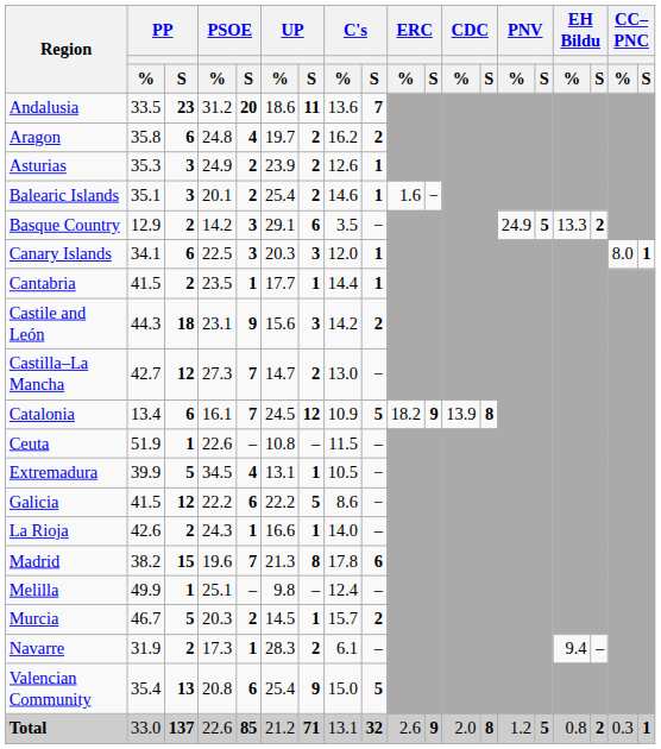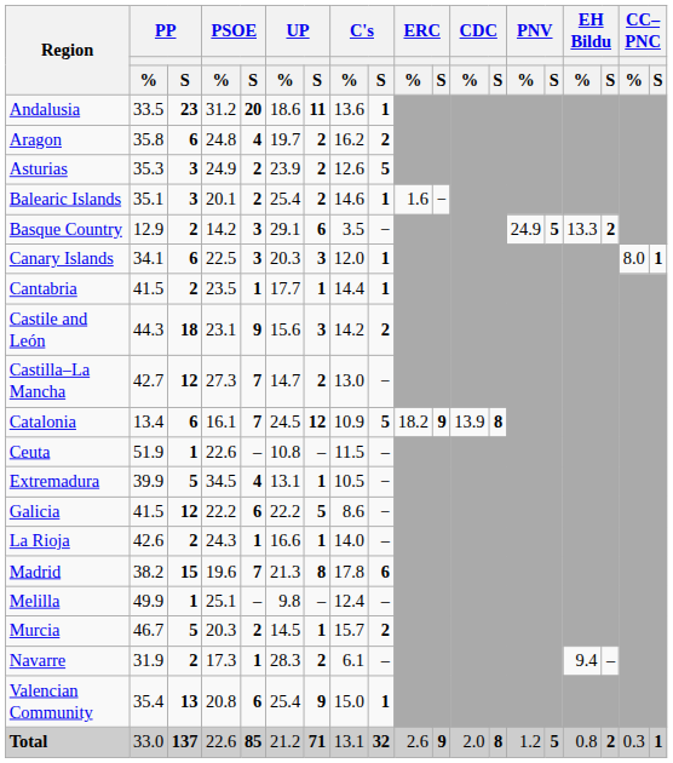 <table class="wikitable sortable" style="text-align:right; line-height:20px;">
 <tr>
 <th rowspan="3">Region</th>
 <th colspan="2" width="30px" class="unsortable"><a href='#'>PP</a></th>
 <th colspan="2" width="30px" class="unsortable"><a href='#'>PSOE</a></th>
 <th colspan="2" width="30px" class="unsortable"><a href='#'>UP</a></th>
 <th colspan="2" width="30px" class="unsortable"><a href='#'>C's</a></th>
 <th colspan="2" width="30px" class="unsortable"><a href='#'>ERC</a></th>
 <th colspan="2" width="30px" class="unsortable"><a href='#'>CDC</a></th>
 <th colspan="2" width="30px" class="unsortable"><a href='#'>PNV</a></th>
 <th colspan="2" width="30px" class="unsortable"><a href='#'>EH Bildu</a></th>
 <th colspan="2" width="30px" class="unsortable"><a href='#'>CC–PNC</a></th>
 </tr>
 <tr>
 <th colspan="2" style="background:"></th>
 <th colspan="2" style="background:"></th>
 <th colspan="2" style="background:"></th>
 <th colspan="2" style="background:"></th>
 <th colspan="2" style="background:"></th>
 <th colspan="2" style="background:"></th>
 <th colspan="2" style="background:"></th>
 <th colspan="2" style="background:"></th>
 <th colspan="2" style="background:"></th>
 </tr>
 <tr>
 <th data-sort-type="number">%</th>
 <th data-sort-type="number">S</th>
 <th data-sort-type="number">%</th>
 <th data-sort-type="number">S</th>
 <th data-sort-type="number">%</th>
 <th data-sort-type="number">S</th>
 <th data-sort-type="number">%</th>
 <th data-sort-type="number">S</th>
 <th data-sort-type="number">%</th>
 <th data-sort-type="number">S</th>
 <th data-sort-type="number">%</th>
 <th data-sort-type="number">S</th>
 <th data-sort-type="number">%</th>
 <th data-sort-type="number">S</th>
 <th data-sort-type="number">%</th>
 <th data-sort-type="number">S</th>
 <th data-sort-type="number">%</th>
 <th data-sort-type="number">S</th>
 </tr>
 <tr>
 <td align="left"><a href='#'>Andalusia</a></td>
 <td style="background:">33.5</td>
 <td><strong>23</strong></td>
 <td>31.2</td>
 <td><strong>20</strong></td>
 <td>18.6</td>
 <td><strong>11</strong></td>
 <td>13.6</td>
-<td><strong>7</strong></td>
+<td><strong>1</strong></td>
 <td colspan="2" rowspan="3" bgcolor="#AAAAAA"></td>
 <td colspan="2" rowspan="9" bgcolor="#AAAAAA"></td>
 <td colspan="2" rowspan="4" bgcolor="#AAAAAA"></td>
 <td colspan="2" rowspan="4" bgcolor="#AAAAAA"></td>
 <td colspan="2" rowspan="5" bgcolor="#AAAAAA"></td>
 </tr>
 <tr>
 <td align="left"><a href='#'>Aragon</a></td>
 <td style="background:">35.8</td>
 <td><strong>6</strong></td>
 <td>24.8</td>
 <td><strong>4</strong></td>
 <td>19.7</td>
 <td><strong>2</strong></td>
 <td>16.2</td>
 <td><strong>2</strong></td>
 </tr>
 <tr>
 <td align="left"><a href='#'>Asturias</a></td>
 <td style="background:">35.3</td>
 <td><strong>3</strong></td>
 <td>24.9</td>
 <td><strong>2</strong></td>
 <td>23.9</td>
 <td><strong>2</strong></td>
 <td>12.6</td>
-<td><strong>1</strong></td>
+<td><strong>5</strong></td>
 </tr>
 <tr>
 <td align="left"><a href='#'>Balearic Islands</a></td>
 <td style="background:">35.1</td>
 <td><strong>3</strong></td>
 <td>20.1</td>
 <td><strong>2</strong></td>
 <td>25.4</td>
 <td><strong>2</strong></td>
 <td>14.6</td>
 <td><strong>1</strong></td>
 <td>1.6</td>
 <td>−</td>
 </tr>
 <tr>
 <td align="left"><a href='#'>Basque Country</a></td>
 <td>12.9</td>
 <td><strong>2</strong></td>
 <td>14.2</td>
 <td><strong>3</strong></td>
 <td style="background:">29.1</td>
 <td><strong>6</strong></td>
 <td>3.5</td>
 <td>−</td>
 <td colspan="2" rowspan="5" bgcolor="#AAAAAA"></td>
 <td>24.9</td>
 <td><strong>5</strong></td>
 <td>13.3</td>
 <td><strong>2</strong></td>
 </tr>
 <tr>
 <td align="left"><a href='#'>Canary Islands</a></td>
 <td style="background:">34.1</td>
 <td><strong>6</strong></td>
 <td>22.5</td>
 <td><strong>3</strong></td>
 <td>20.3</td>
 <td><strong>3</strong></td>
 <td>12.0</td>
 <td><strong>1</strong></td>
 <td colspan="2" rowspan="14" bgcolor="#AAAAAA"></td>
 <td colspan="2" rowspan="12" bgcolor="#AAAAAA"></td>
 <td>8.0</td>
 <td><strong>1</strong></td>
 </tr>
 <tr>
 <td align="left"><a href='#'>Cantabria</a></td>
 <td style="background:">41.5</td>
 <td><strong>2</strong></td>
 <td>23.5</td>
 <td><strong>1</strong></td>
 <td>17.7</td>
 <td><strong>1</strong></td>
 <td>14.4</td>
 <td><strong>1</strong></td>
 <td colspan="2" rowspan="13" bgcolor="#AAAAAA"></td>
 </tr>
 <tr>
 <td align="left"><a href='#'>Castile and León</a></td>
 <td style="background:">44.3</td>
 <td><strong>18</strong></td>
 <td>23.1</td>
 <td><strong>9</strong></td>
 <td>15.6</td>
 <td><strong>3</strong></td>
 <td>14.2</td>
 <td><strong>2</strong></td>
 </tr>
 <tr>
 <td align="left"><a href='#'>Castilla–La Mancha</a></td>
 <td style="background:">42.7</td>
 <td><strong>12</strong></td>
 <td>27.3</td>
 <td><strong>7</strong></td>
 <td>14.7</td>
 <td><strong>2</strong></td>
 <td>13.0</td>
 <td>−</td>
 </tr>
 <tr>
 <td align="left"><a href='#'>Catalonia</a></td>
 <td>13.4</td>
 <td><strong>6</strong></td>
 <td>16.1</td>
 <td><strong>7</strong></td>
 <td style="background:">24.5</td>
 <td><strong>12</strong></td>
 <td>10.9</td>
 <td><strong>5</strong></td>
 <td>18.2</td>
 <td><strong>9</strong></td>
 <td>13.9</td>
 <td><strong>8</strong></td>
 </tr>
 <tr>
 <td align="left"><a href='#'>Ceuta</a></td>
 <td style="background:">51.9</td>
 <td><strong>1</strong></td>
 <td>22.6</td>
 <td>–</td>
 <td>10.8</td>
 <td>–</td>
 <td>11.5</td>
 <td>–</td>
 <td colspan="2" rowspan="9" bgcolor="#AAAAAA"></td>
 <td colspan="2" rowspan="9" bgcolor="#AAAAAA"></td>
 </tr>
 <tr>
 <td align="left"><a href='#'>Extremadura</a></td>
 <td style="background:">39.9</td>
 <td><strong>5</strong></td>
 <td>34.5</td>
 <td><strong>4</strong></td>
 <td>13.1</td>
 <td><strong>1</strong></td>
 <td>10.5</td>
 <td>−</td>
 </tr>
 <tr>
 <td align="left"><a href='#'>Galicia</a></td>
 <td style="background:">41.5</td>
 <td><strong>12</strong></td>
 <td>22.2</td>
 <td><strong>6</strong></td>
 <td>22.2</td>
 <td><strong>5</strong></td>
 <td>8.6</td>
 <td>−</td>
 </tr>
 <tr>
 <td align="left"><a href='#'>La Rioja</a></td>
 <td style="background:">42.6</td>
 <td><strong>2</strong></td>
 <td>24.3</td>
 <td><strong>1</strong></td>
 <td>16.6</td>
 <td><strong>1</strong></td>
 <td>14.0</td>
 <td>–</td>
 </tr>
 <tr>
 <td align="left"><a href='#'>Madrid</a></td>
 <td style="background:">38.2</td>
 <td><strong>15</strong></td>
 <td>19.6</td>
 <td><strong>7</strong></td>
 <td>21.3</td>
 <td><strong>8</strong></td>
 <td>17.8</td>
 <td><strong>6</strong></td>
 </tr>
 <tr>
 <td align="left"><a href='#'>Melilla</a></td>
 <td style="background:">49.9</td>
 <td><strong>1</strong></td>
 <td>25.1</td>
 <td>–</td>
 <td>9.8</td>
 <td>–</td>
 <td>12.4</td>
 <td>–</td>
 </tr>
 <tr>
 <td align="left"><a href='#'>Murcia</a></td>
 <td style="background:">46.7</td>
 <td><strong>5</strong></td>
 <td>20.3</td>
 <td><strong>2</strong></td>
 <td>14.5</td>
 <td><strong>1</strong></td>
 <td>15.7</td>
 <td><strong>2</strong></td>
 </tr>
 <tr>
 <td align="left"><a href='#'>Navarre</a></td>
 <td style="background:">31.9</td>
 <td><strong>2</strong></td>
 <td>17.3</td>
 <td><strong>1</strong></td>
 <td>28.3</td>
 <td><strong>2</strong></td>
 <td>6.1</td>
 <td>–</td>
 <td>9.4</td>
 <td>–</td>
 </tr>
 <tr>
 <td align="left"><a href='#'>Valencian Community</a></td>
 <td style="background:">35.4</td>
 <td><strong>13</strong></td>
 <td>20.8</td>
 <td><strong>6</strong></td>
 <td>25.4</td>
 <td><strong>9</strong></td>
 <td>15.0</td>
-<td><strong>5</strong></td>
+<td><strong>1</strong></td>
 <td colspan="2" bgcolor="#AAAAAA"></td>
 </tr>
 <tr style="background:#CDCDCD;">
 <td align="left"><strong>Total</strong></td>
 <td style="background:">33.0</td>
 <td><strong>137</strong></td>
 <td>22.6</td>
 <td><strong>85</strong></td>
 <td>21.2</td>
 <td><strong>71</strong></td>
 <td>13.1</td>
 <td><strong>32</strong></td>
 <td>2.6</td>
 <td><strong>9</strong></td>
 <td>2.0</td>
 <td><strong>8</strong></td>
 <td>1.2</td>
 <td><strong>5</strong></td>
 <td>0.8</td>
 <td><strong>2</strong></td>
 <td>0.3</td>
 <td><strong>1</strong></td>
 </tr>
 </table>
